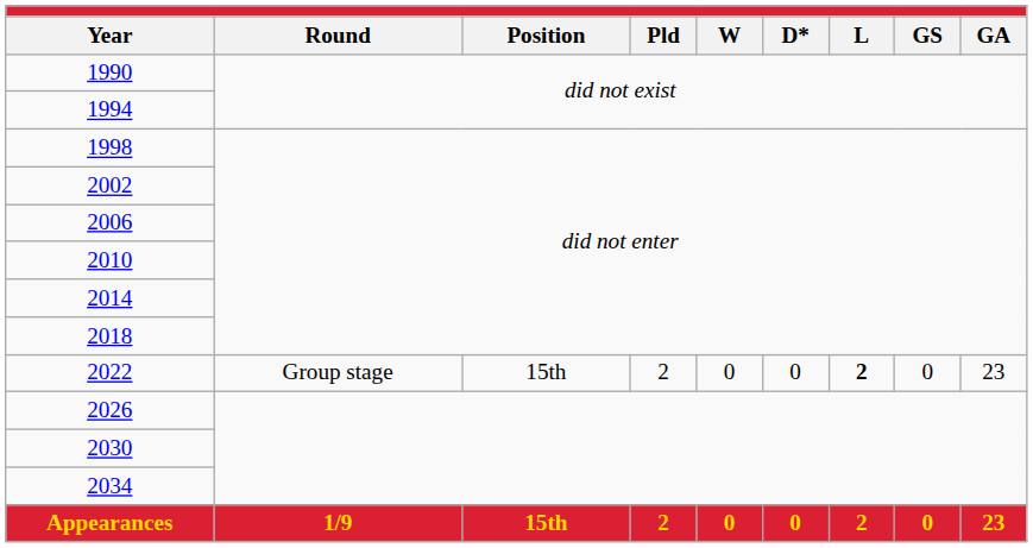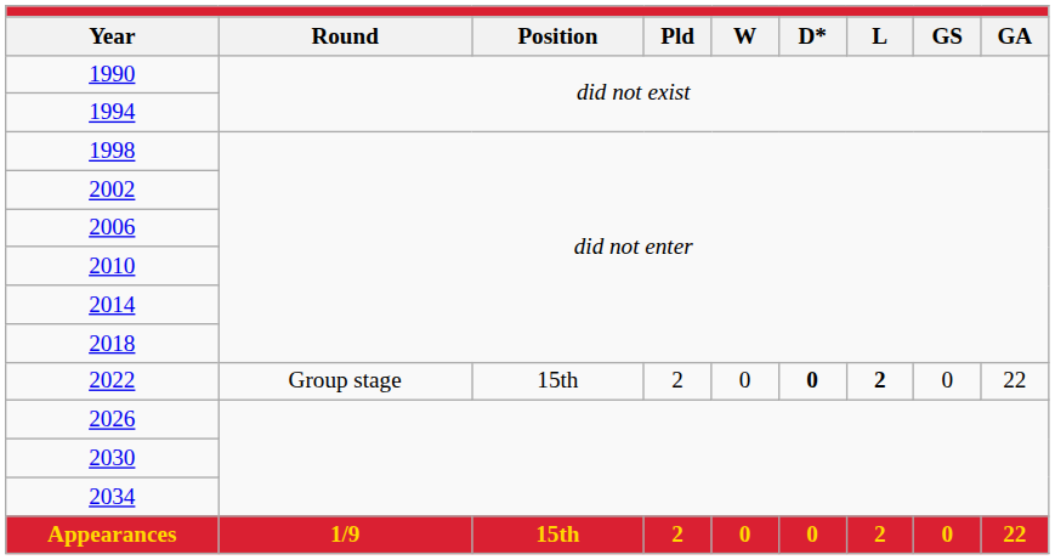 <table class="wikitable" style="text-align: center;font-size:90%;">
 <tr>
 <th colspan="9" style="background: #DA2032; color: #FFD900;"><a href='#'></a></th>
 </tr>
 <tr>
 <th width=125>Year</th>
 <th width=150>Round</th>
 <th width=100>Position</th>
 <th width=35>Pld</th>
 <th width=35>W</th>
 <th width=35>D*</th>
 <th width=35>L</th>
 <th width=35>GS</th>
 <th width=35>GA</th>
 </tr>
 <tr>
 <td> <a href='#'>1990</a></td>
 <td colspan="8" rowspan="2"><em>did not exist</em></td>
 </tr>
 <tr>
 <td> <a href='#'>1994</a></td>
 </tr>
 <tr>
 <td> <a href='#'>1998</a></td>
 <td colspan="8" rowspan="6"><em>did not enter</em></td>
 </tr>
 <tr>
 <td> <a href='#'>2002</a></td>
 </tr>
 <tr>
 <td> <a href='#'>2006</a></td>
 </tr>
 <tr>
 <td> <a href='#'>2010</a></td>
 </tr>
 <tr>
 <td> <a href='#'>2014</a></td>
 </tr>
 <tr>
 <td> <a href='#'>2018</a></td>
 </tr>
 <tr>
 <td> <a href='#'>2022</a></td>
 <td>Group stage</td>
 <td>15th</td>
 <td>2</td>
 <td>0</td>
-<td>0</td>
+<td><strong>0</strong></td>
 <td><strong>2</strong></td>
 <td>0</td>
-<td>23</td>
+<td>22</td>
 </tr>
 <tr>
 <td> <a href='#'>2026</a></td>
 </tr>
 <tr>
 <td> <a href='#'>2030</a></td>
 </tr>
 <tr>
 <td> <a href='#'>2034</a></td>
 </tr>
 <tr>
 <td colspan=1 style="background: #DA2032; color: #FFD900;"><strong>Appearances</strong></td>
 <td style="background: #DA2032; color: #FFD900;"><strong>1/9</strong></td>
 <td style="background: #DA2032; color: #FFD900;"><strong>15th</strong></td>
 <td style="background: #DA2032; color: #FFD900;"><strong>2</strong></td>
 <td style="background: #DA2032; color: #FFD900;"><strong>0</strong></td>
 <td style="background: #DA2032; color: #FFD900;"><strong>0</strong></td>
 <td style="background: #DA2032; color: #FFD900;"><strong>2</strong></td>
 <td style="background: #DA2032; color: #FFD900;"><strong>0</strong></td>
-<td style="background: #DA2032; color: #FFD900;"><strong>23</strong></td>
+<td style="background: #DA2032; color: #FFD900;"><strong>22</strong></td>
 </tr>
 </table>
